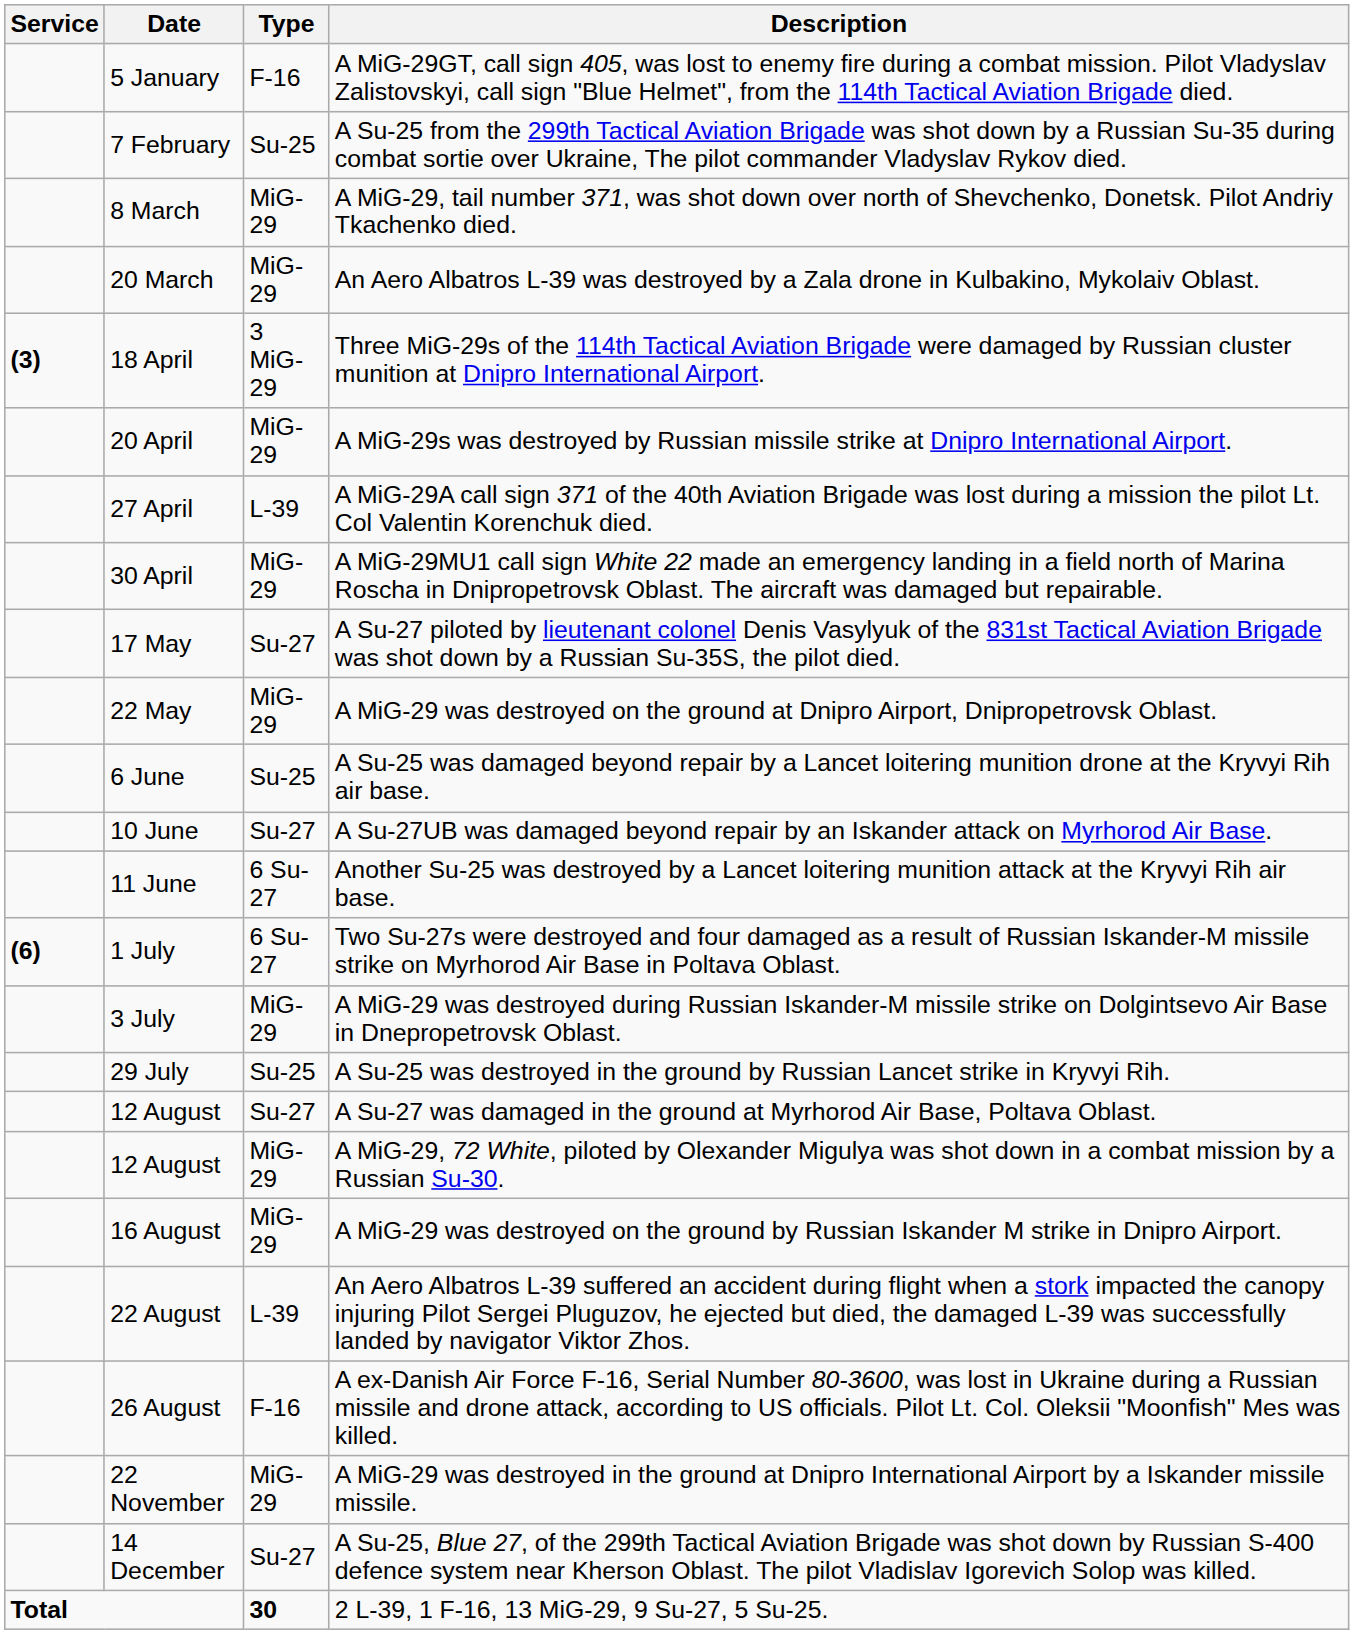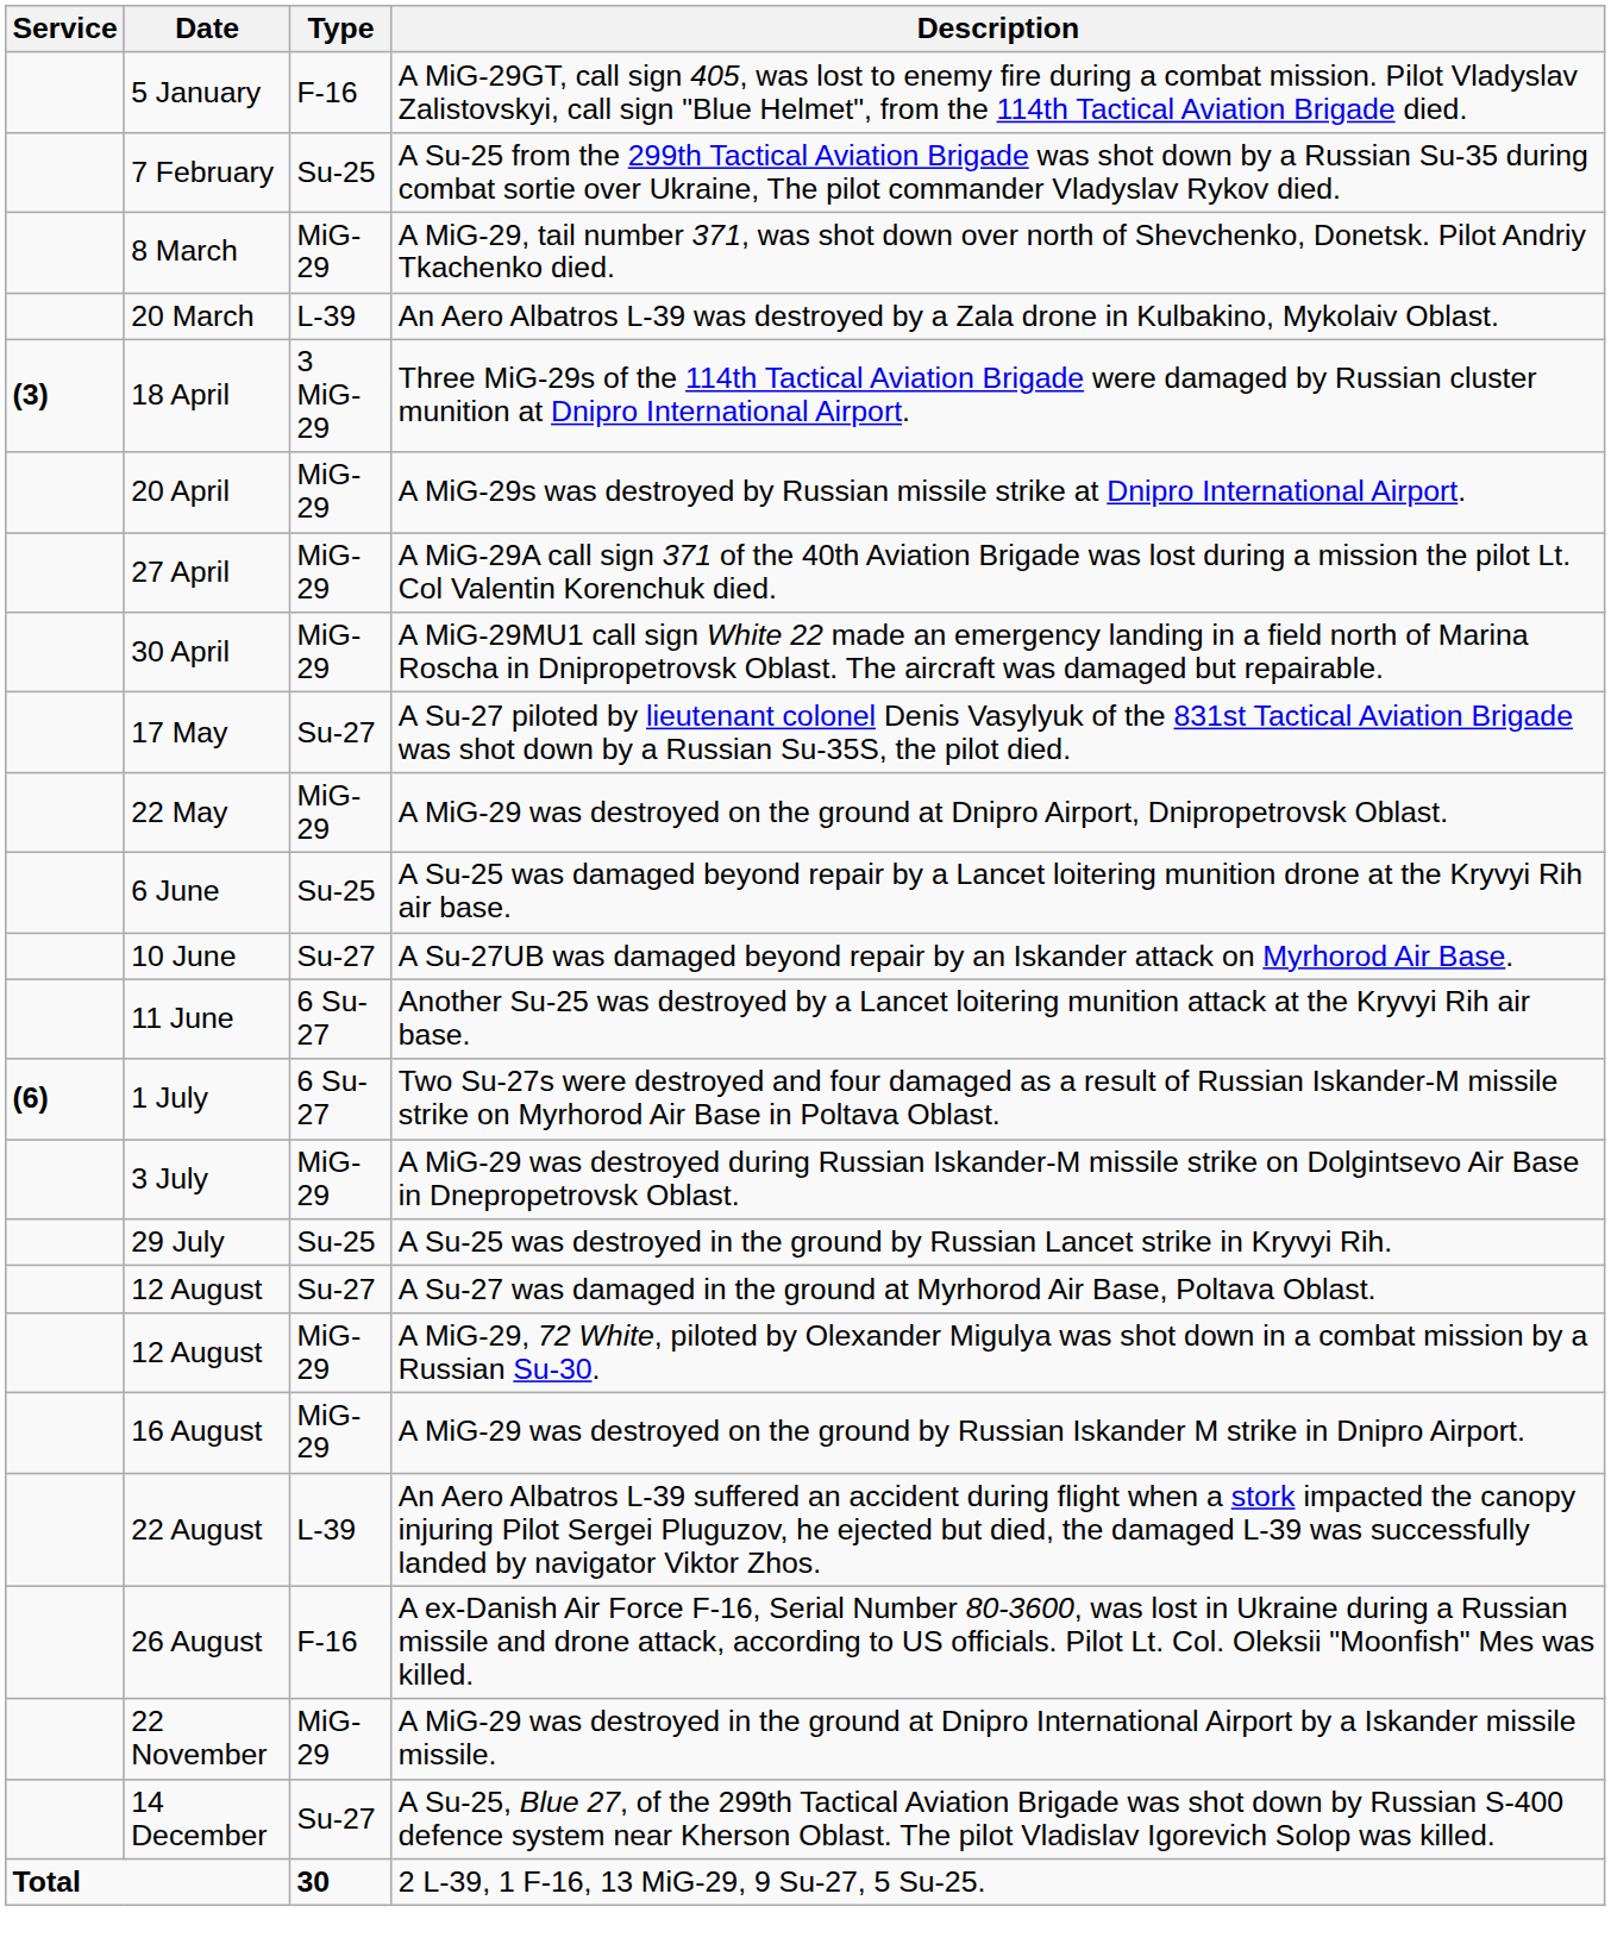 <table class="wikitable">
 <tr>
 <th>Service</th>
 <th>Date</th>
 <th>Type</th>
 <th>Description</th>
 </tr>
 <tr>
 <td></td>
 <td>5 January</td>
 <td>F-16</td>
 <td>A MiG-29GT, call sign <em>405</em>, was lost to enemy fire during a combat mission. Pilot Vladyslav Zalistovskyi, call sign "Blue Helmet", from the <a href='#'>114th Tactical Aviation Brigade</a> died.</td>
 </tr>
 <tr>
 <td></td>
 <td>7 February</td>
 <td>Su-25</td>
 <td>A Su-25 from the <a href='#'>299th Tactical Aviation Brigade</a> was shot down by a Russian Su-35 during combat sortie over Ukraine, The pilot commander Vladyslav Rykov died.</td>
 </tr>
 <tr>
 <td></td>
 <td>8 March</td>
 <td>MiG-29</td>
 <td>A MiG-29, tail number <em>371</em>, was shot down over north of Shevchenko, Donetsk. Pilot Andriy Tkachenko died.</td>
 </tr>
 <tr>
 <td></td>
 <td>20 March</td>
-<td>MiG-29</td>
+<td>L-39</td>
 <td>An Aero Albatros L-39 was destroyed by a Zala drone in Kulbakino, Mykolaiv Oblast.</td>
 </tr>
 <tr>
 <td> <strong>(3)</strong></td>
 <td>18 April</td>
 <td>3 MiG-29</td>
 <td>Three MiG-29s of the <a href='#'>114th Tactical Aviation Brigade</a> were damaged by Russian cluster munition at <a href='#'>Dnipro International Airport</a>.</td>
 </tr>
 <tr>
 <td></td>
 <td>20 April</td>
 <td>MiG-29</td>
 <td>A MiG-29s was destroyed by Russian missile strike at <a href='#'>Dnipro International Airport</a>.</td>
 </tr>
 <tr>
 <td></td>
 <td>27 April</td>
-<td>L-39</td>
+<td>MiG-29</td>
 <td>A MiG-29A call sign <em>371</em> of the 40th Aviation Brigade was lost during a mission the pilot Lt. Col Valentin Korenchuk died.</td>
 </tr>
 <tr>
 <td></td>
 <td>30 April</td>
 <td>MiG-29</td>
 <td>A MiG-29MU1 call sign <em>White 22</em> made an emergency landing in a field north of Marina Roscha in Dnipropetrovsk Oblast. The aircraft was damaged but repairable.</td>
 </tr>
 <tr>
 <td></td>
 <td>17 May</td>
 <td>Su-27</td>
 <td>A Su-27 piloted by <a href='#'>lieutenant colonel</a> Denis Vasylyuk of the <a href='#'>831st Tactical Aviation Brigade</a> was shot down by a Russian Su-35S, the pilot died.</td>
 </tr>
 <tr>
 <td></td>
 <td>22 May</td>
 <td>MiG-29</td>
 <td>A MiG-29 was destroyed on the ground at Dnipro Airport, Dnipropetrovsk Oblast.</td>
 </tr>
 <tr>
 <td></td>
 <td>6 June</td>
 <td>Su-25</td>
 <td>A Su-25 was damaged beyond repair by a Lancet loitering munition drone at the Kryvyi Rih air base.</td>
 </tr>
 <tr>
 <td></td>
 <td>10 June</td>
 <td>Su-27</td>
 <td>A Su-27UB was damaged beyond repair by an Iskander attack on <a href='#'>Myrhorod Air Base</a>.</td>
 </tr>
 <tr>
 <td></td>
 <td>11 June</td>
 <td>6 Su-27</td>
 <td>Another Su-25 was destroyed by a Lancet loitering munition attack at the Kryvyi Rih air base.</td>
 </tr>
 <tr>
 <td> <strong>(6)</strong></td>
 <td>1 July</td>
 <td>6 Su-27</td>
 <td>Two Su-27s were destroyed and four damaged as a result of Russian Iskander-M missile strike on Myrhorod Air Base in Poltava Oblast.</td>
 </tr>
 <tr>
 <td></td>
 <td>3 July</td>
 <td>MiG-29</td>
 <td>A MiG-29 was destroyed during Russian Iskander-M missile strike on Dolgintsevo Air Base in Dnepropetrovsk Oblast.</td>
 </tr>
 <tr>
 <td></td>
 <td>29 July</td>
 <td>Su-25</td>
 <td>A Su-25 was destroyed in the ground by Russian Lancet strike in Kryvyi Rih.</td>
 </tr>
 <tr>
 <td></td>
 <td>12 August</td>
 <td>Su-27</td>
 <td>A Su-27 was damaged in the ground at Myrhorod Air Base, Poltava Oblast.</td>
 </tr>
 <tr>
 <td></td>
 <td>12 August</td>
 <td>MiG-29</td>
 <td>A MiG-29, <em>72 White</em>, piloted by Olexander Migulya was shot down in a combat mission by a Russian <a href='#'>Su-30</a>.</td>
 </tr>
 <tr>
 <td></td>
 <td>16 August</td>
 <td>MiG-29</td>
 <td>A MiG-29 was destroyed on the ground by Russian Iskander M strike in Dnipro Airport.</td>
 </tr>
 <tr>
 <td></td>
 <td>22 August</td>
 <td>L-39</td>
 <td>An Aero Albatros L-39 suffered an accident during flight when a <a href='#'>stork</a> impacted the canopy injuring Pilot Sergei Pluguzov, he ejected but died, the damaged L-39 was successfully landed by navigator Viktor Zhos.</td>
 </tr>
 <tr>
 <td></td>
 <td>26 August</td>
 <td>F-16</td>
 <td>A ex-Danish Air Force F-16, Serial Number <em>80-3600</em>, was lost in Ukraine during a Russian missile and drone attack, according to US officials. Pilot Lt. Col. Oleksii "Moonfish" Mes was killed.</td>
 </tr>
 <tr>
 <td></td>
 <td>22 November</td>
 <td>MiG-29</td>
 <td>A MiG-29 was destroyed in the ground at Dnipro International Airport by a Iskander missile missile.</td>
 </tr>
 <tr>
 <td></td>
 <td>14 December</td>
 <td>Su-27</td>
 <td>A Su-25, <em>Blue 27</em>, of the 299th Tactical Aviation Brigade was shot down by Russian S-400 defence system near Kherson Oblast. The pilot Vladislav Igorevich Solop was killed.</td>
 </tr>
 <tr>
 <td colspan="2"><strong>Total</strong></td>
 <td><strong>30</strong></td>
 <td>2 L-39, 1 F-16, 13 MiG-29, 9 Su-27, 5 Su-25.</td>
 </tr>
 </table>
